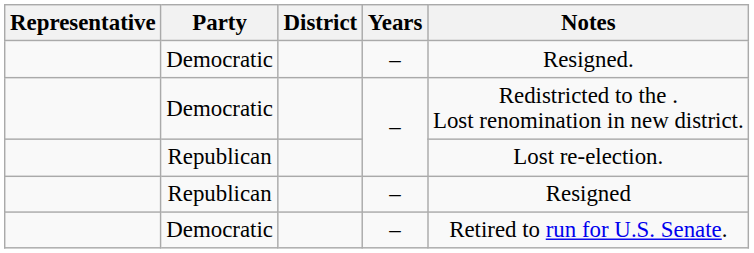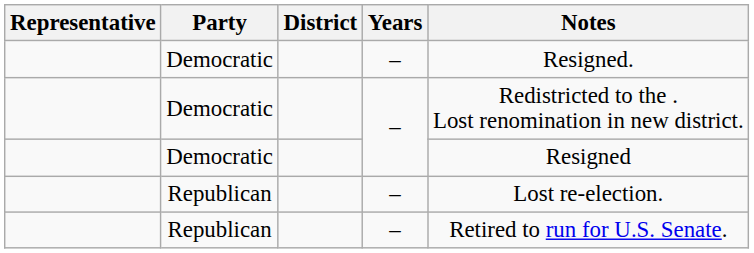 <table class="wikitable sortable" style="text-align:center">
 <tr valign=bottom>
 <th>Representative</th>
 <th>Party</th>
 <th>District</th>
 <th>Years</th>
 <th>Notes</th>
 </tr>
 <tr>
 <td align=left></td>
 <td>Democratic</td>
 <td></td>
 <td nowrap> –<br></td>
 <td>Resigned.</td>
 </tr>
 <tr>
 <td align=left></td>
 <td>Democratic</td>
 <td></td>
 <td rowspan="2" nowrap=""> –<br></td>
 <td>Redistricted to the .<br>Lost renomination in new district.</td>
 </tr>
 <tr>
 <td align=left></td>
+<td>Democratic</td>
+<td></td>
+<td>Resigned</td>
+</tr>
+<tr>
+<td align=left></td>
 <td>Republican</td>
 <td></td>
+<td nowrap> –<br></td>
 <td>Lost re-election.</td>
 </tr>
 <tr>
 <td align=left></td>
 <td>Republican</td>
 <td></td>
 <td nowrap> –<br></td>
-<td>Resigned</td>
-</tr>
-<tr>
-<td align=left></td>
-<td>Democratic</td>
-<td></td>
-<td nowrap> –<br></td>
 <td>Retired to <a href='#'>run for U.S. Senate</a>.</td>
 </tr>
 </table>
